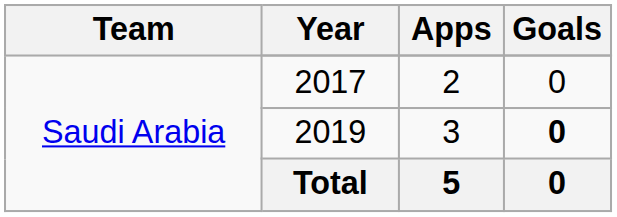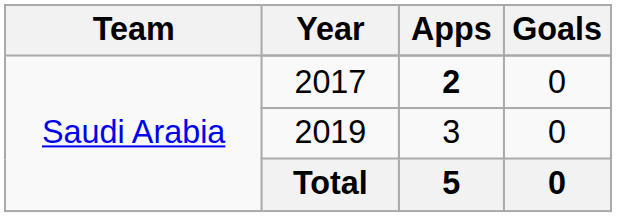 <table class="wikitable" style="text-align: center;">
 <tr>
 <th width="120">Team</th>
 <th width="60">Year</th>
 <th width="45">Apps</th>
 <th width="45">Goals</th>
 </tr>
 <tr>
 <td rowspan=10><a href='#'>Saudi Arabia</a></td>
 </tr>
 <tr>
 <td>2017</td>
-<td>2</td>
+<td><strong>2</strong></td>
 <td>0</td>
 </tr>
 <tr>
 <td>2019</td>
 <td>3</td>
-<td><strong>0</strong></td>
+<td>0</td>
 </tr>
 <tr>
 <th>Total</th>
 <th>5</th>
 <th>0</th>
 </tr>
 </table>
